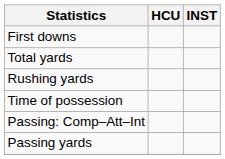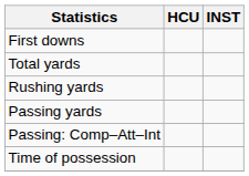 <table class="wikitable" style="float: left;">
 <tr>
 <th>Statistics</th>
 <th>HCU</th>
 <th>INST</th>
 </tr>
 <tr>
 <td>First downs</td>
 <td></td>
 <td></td>
 </tr>
 <tr>
 <td>Total yards</td>
 <td></td>
 <td></td>
 </tr>
 <tr>
 <td>Rushing yards</td>
 <td></td>
 <td></td>
 </tr>
 <tr>
-<td>Time of possession</td>
+<td>Passing yards</td>
 <td></td>
 <td></td>
 </tr>
 <tr>
 <td>Passing: Comp–Att–Int</td>
 <td></td>
 <td></td>
 </tr>
 <tr>
-<td>Passing yards</td>
+<td>Time of possession</td>
 <td></td>
 <td></td>
 </tr>
 <tr>
 </tr>
 </table>
